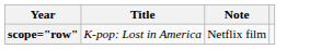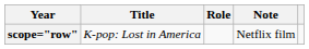 <table class="wikitable plainrowheaders" style="text-align: center;">
 <tr>
 <th scope="col">Year</th>
 <th scope="col">Title</th>
+<th scope="col">Role</th>
 <th scope="col">Note</th>
 <th scope="col" class="unsortable"></th>
 </tr>
 <tr>
 <th>scope="row" </th>
 <td><em>K-pop: Lost in America</em></td>
+<td></td>
 <td>Netflix film</td>
 <td></td>
 </tr>
 </table>
